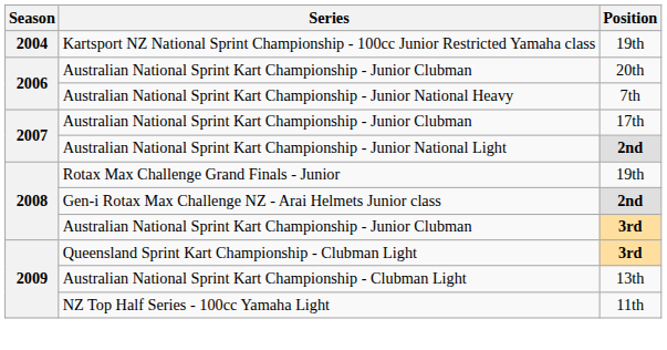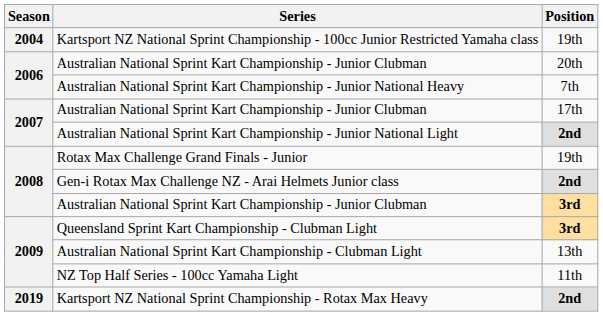 <table class="wikitable" style="font-size: 85%; text-align:center">
 <tr>
 <th>Season</th>
 <th>Series</th>
 <th>Position</th>
 </tr>
 <tr>
 <th>2004</th>
 <td align="left">Kartsport NZ National Sprint Championship - 100cc Junior Restricted Yamaha class</td>
 <td>19th</td>
 </tr>
 <tr>
 <th rowspan=2>2006</th>
 <td align="left">Australian National Sprint Kart Championship - Junior Clubman</td>
 <td>20th</td>
 </tr>
 <tr>
 <td align="left">Australian National Sprint Kart Championship - Junior National Heavy</td>
 <td>7th</td>
 </tr>
 <tr>
 <th rowspan=2>2007</th>
 <td align="left">Australian National Sprint Kart Championship - Junior Clubman</td>
 <td>17th</td>
 </tr>
 <tr>
 <td align="left">Australian National Sprint Kart Championship - Junior National Light</td>
 <td style="background:#DFDFDF"><strong>2nd</strong></td>
 </tr>
 <tr>
 <th rowspan=3>2008</th>
 <td align="left">Rotax Max Challenge Grand Finals - Junior</td>
 <td>19th</td>
 </tr>
 <tr>
 <td align="left">Gen-i Rotax Max Challenge NZ - Arai Helmets Junior class</td>
 <td style="background:#DFDFDF"><strong>2nd</strong></td>
 </tr>
 <tr>
 <td align="left">Australian National Sprint Kart Championship - Junior Clubman</td>
 <td style="background: #ffdf9f"><strong>3rd</strong></td>
 </tr>
 <tr>
 <th rowspan=3>2009</th>
 <td align="left">Queensland Sprint Kart Championship - Clubman Light</td>
 <td align="center" style="background: #ffdf9f"><strong>3rd</strong></td>
 </tr>
 <tr>
 <td align="left">Australian National Sprint Kart Championship - Clubman Light</td>
 <td>13th</td>
 </tr>
 <tr>
 <td align="left">NZ Top Half Series - 100cc Yamaha Light</td>
 <td>11th</td>
 </tr>
+<tr>
+<th>2019</th>
+<td align="left">Kartsport NZ National Sprint Championship - Rotax Max Heavy</td>
+<td style="background:#DFDFDF"><strong>2nd</strong></td>
+</tr>
 </table>
